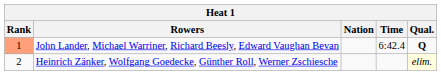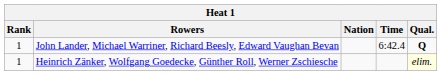 <table class="wikitable" style="text-align:center">
 <tr>
 <th colspan=5 align=center><strong>Heat 1</strong></th>
 </tr>
 <tr>
 <th>Rank</th>
 <th>Rowers</th>
 <th>Nation</th>
 <th>Time</th>
 <th>Qual.</th>
 </tr>
 <tr>
-<td style="background: lightsalmon;">1</td>
+<td>1</td>
 <td align=left><a href='#'>John Lander</a>, <a href='#'>Michael Warriner</a>, <a href='#'>Richard Beesly</a>, <a href='#'>Edward Vaughan Bevan</a></td>
 <td align=left></td>
 <td>6:42.4</td>
 <td><strong>Q</strong></td>
 </tr>
 <tr>
-<td>2</td>
+<td>1</td>
 <td align=left><a href='#'>Heinrich Zänker</a>, <a href='#'>Wolfgang Goedecke</a>, <a href='#'>Günther Roll</a>, <a href='#'>Werner Zschiesche</a></td>
 <td align=left></td>
 <td></td>
 <td style="background: lightyellow;"><em>elim.</em></td>
 </tr>
 </table>
